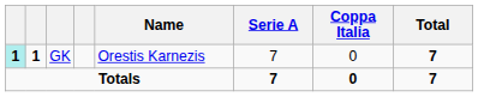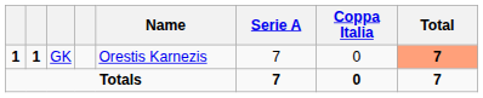 <table class="wikitable" style="text-align:center">
 <tr>
 <th width=15></th>
 <th width=15></th>
 <th width=15></th>
 <th width=15></th>
 <th width=145>Name</th>
 <th width=80><a href='#'>Serie A</a></th>
 <th width=80><a href='#'>Coppa Italia</a></th>
 <th width=80>Total</th>
 </tr>
 <tr>
-<td style="background: paleturquoise;"><strong>1</strong></td>
+<td><strong>1</strong></td>
 <td><strong>1</strong></td>
 <td><a href='#'>GK</a></td>
 <td></td>
 <td align=left><a href='#'>Orestis Karnezis</a></td>
 <td>7</td>
 <td>0</td>
-<td><strong>7</strong></td>
+<td style="background: lightsalmon;"><strong>7</strong></td>
 </tr>
 <tr>
 <td colspan=5><strong>Totals</strong></td>
 <td><strong>7</strong></td>
 <td><strong>0</strong></td>
 <td><strong>7</strong></td>
 </tr>
 </table>
